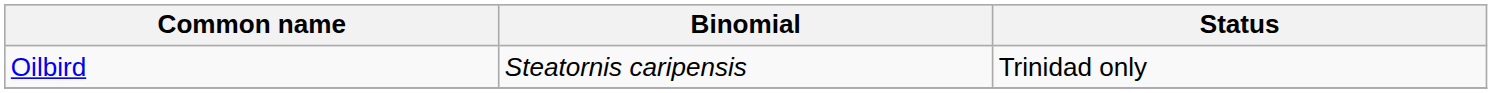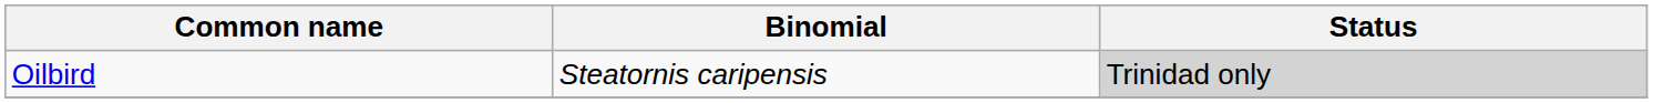 <table width=72% class="wikitable">
 <tr>
 <th width=24%>Common name</th>
 <th width=24%>Binomial</th>
 <th width=24%>Status</th>
 </tr>
 <tr>
 <td><a href='#'>Oilbird</a></td>
 <td><em>Steatornis caripensis</em></td>
-<td>Trinidad only</td>
+<td style="background: lightgrey;">Trinidad only</td>
 </tr>
 <tr>
 </tr>
 </table>
